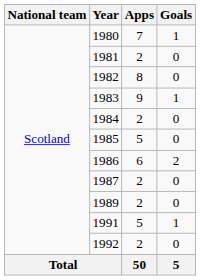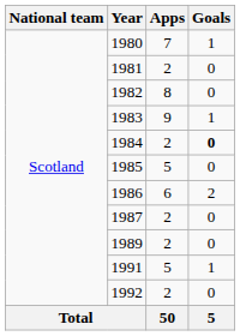 <table class="wikitable" style="text-align:center">
 <tr>
 <th>National team</th>
 <th>Year</th>
 <th>Apps</th>
 <th>Goals</th>
 </tr>
 <tr>
 <td rowspan="11"><a href='#'>Scotland</a></td>
 <td>1980</td>
 <td>7</td>
 <td>1</td>
 </tr>
 <tr>
 <td>1981</td>
 <td>2</td>
 <td>0</td>
 </tr>
 <tr>
 <td>1982</td>
 <td>8</td>
 <td>0</td>
 </tr>
 <tr>
 <td>1983</td>
 <td>9</td>
 <td>1</td>
 </tr>
 <tr>
 <td>1984</td>
 <td>2</td>
-<td>0</td>
+<td><strong>0</strong></td>
 </tr>
 <tr>
 <td>1985</td>
 <td>5</td>
 <td>0</td>
 </tr>
 <tr>
 <td>1986</td>
 <td>6</td>
 <td>2</td>
 </tr>
 <tr>
 <td>1987</td>
 <td>2</td>
 <td>0</td>
 </tr>
 <tr>
 <td>1989</td>
 <td>2</td>
 <td>0</td>
 </tr>
 <tr>
 <td>1991</td>
 <td>5</td>
 <td>1</td>
 </tr>
 <tr>
 <td>1992</td>
 <td>2</td>
 <td>0</td>
 </tr>
 <tr>
 <th colspan="2">Total</th>
 <th>50</th>
 <th>5</th>
 </tr>
 </table>
